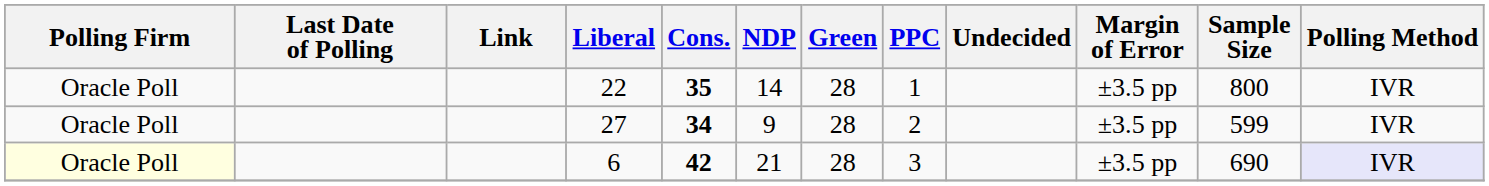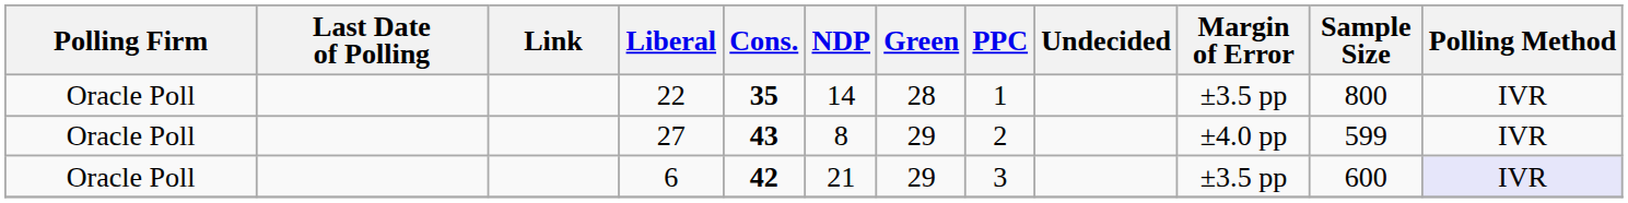 <table class="wikitable sortable" style="text-align:center;font-size:90%;line-height:14px;">
 <tr style="background:#e9e9e9;">
 <th style="width:120px">Polling Firm</th>
 <th style="width:110px">Last Date<br>of Polling</th>
 <th style="width:60px" class="unsortable">Link</th>
 <th style="background-color:"><a href='#'>Liberal</a></th>
 <th style="background-color:"><a href='#'>Cons.</a></th>
 <th style="background-color:"><a href='#'>NDP</a></th>
 <th style="background-color:"><a href='#'>Green</a></th>
 <th style="background-color:"><a href='#'><span>PPC</span></a></th>
 <th style="background-color:">Undecided</th>
 <th style="width:60px;" class=unsortable>Margin<br>of Error</th>
 <th style="width:50px;" class=unsortable>Sample<br>Size</th>
 <th class=unsortable>Polling Method</th>
 </tr>
 <tr>
 <td>Oracle Poll</td>
 <td></td>
 <td></td>
 <td>22</td>
 <td><strong>35</strong></td>
 <td>14</td>
 <td>28</td>
 <td>1</td>
 <td></td>
 <td>±3.5 pp</td>
 <td>800</td>
 <td>IVR</td>
 </tr>
 <tr>
 <td>Oracle Poll</td>
 <td></td>
 <td></td>
 <td>27</td>
-<td><strong>34</strong></td>
-<td>9</td>
-<td>28</td>
+<td><strong>43</strong></td>
+<td>8</td>
+<td>29</td>
 <td>2</td>
 <td></td>
-<td>±3.5 pp</td>
+<td>±4.0 pp</td>
 <td>599</td>
 <td>IVR</td>
 </tr>
 <tr>
-<td style="background: lightyellow;">Oracle Poll</td>
+<td>Oracle Poll</td>
 <td></td>
 <td></td>
 <td>6</td>
 <td><strong>42</strong></td>
 <td>21</td>
-<td>28</td>
+<td>29</td>
 <td>3</td>
 <td></td>
 <td>±3.5 pp</td>
-<td>690</td>
+<td>600</td>
 <td style="background: lavender;">IVR</td>
 </tr>
 <tr>
 </tr>
 </table>
